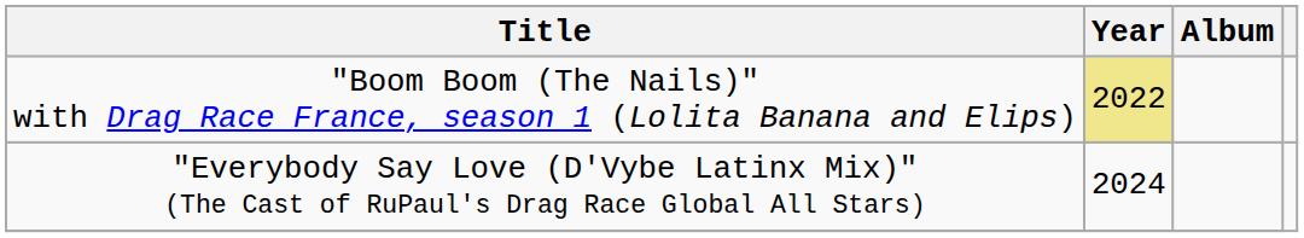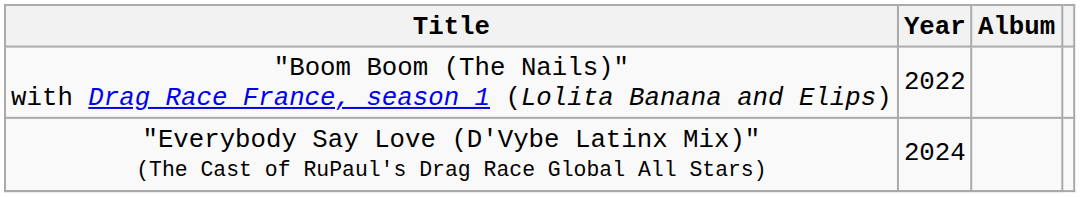 <table class="wikitable plainrowheaders" style="text-align:center;">
 <tr>
 <th class="unsortable" scope="col">Title</th>
 <th class="unsortable" scope="col">Year</th>
 <th class="unsortable" scope="col">Album</th>
 <th class="unsortable" scope="col"></th>
 </tr>
 <tr>
 <td>"Boom Boom (The Nails)" <br><span>with <em><a href='#'>Drag Race France, season 1</a></em> (<em>Lolita Banana and Elips</em>)</span></td>
-<td rowspan="1" style="background: khaki;">2022</td>
+<td rowspan="1">2022</td>
 <td></td>
 <td></td>
 </tr>
 <tr>
 <td>"Everybody Say Love (D'Vybe Latinx Mix)" <br><small>(The Cast of RuPaul's Drag Race Global All Stars)</small></td>
 <td>2024</td>
 <td></td>
 </tr>
 <tr>
 </tr>
 </table>
